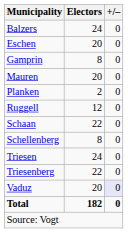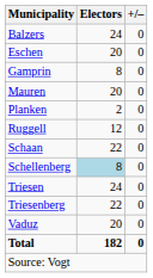 <table class="wikitable">
 <tr>
 <th>Municipality</th>
 <th>Electors</th>
 <th>+/–</th>
 </tr>
 <tr>
 <td><a href='#'>Balzers</a></td>
 <td style="text-align: right;">24</td>
 <td align="right">0</td>
 </tr>
 <tr>
 <td><a href='#'>Eschen</a></td>
 <td style="text-align: right;">20</td>
 <td align="right">0</td>
 </tr>
 <tr>
 <td><a href='#'>Gamprin</a></td>
 <td style="text-align: right;">8</td>
 <td align="right">0</td>
 </tr>
 <tr>
 <td><a href='#'>Mauren</a></td>
 <td style="text-align: right;">20</td>
 <td align="right">0</td>
 </tr>
 <tr>
 <td><a href='#'>Planken</a></td>
 <td style="text-align: right;">2</td>
 <td align="right">0</td>
 </tr>
 <tr>
 <td><a href='#'>Ruggell</a></td>
 <td style="text-align: right;">12</td>
 <td align="right">0</td>
 </tr>
 <tr>
 <td><a href='#'>Schaan</a></td>
 <td style="text-align: right;">22</td>
 <td align="right">0</td>
 </tr>
 <tr>
 <td><a href='#'>Schellenberg</a></td>
-<td style="text-align: right;">8</td>
+<td style="background: lightblue; text-align: right;">8</td>
 <td align="right">0</td>
 </tr>
 <tr>
 <td><a href='#'>Triesen</a></td>
 <td style="text-align: right;">24</td>
 <td align="right">0</td>
 </tr>
 <tr>
 <td><a href='#'>Triesenberg</a></td>
 <td style="text-align: right;">22</td>
 <td align="right">0</td>
 </tr>
 <tr>
 <td><a href='#'>Vaduz</a></td>
 <td style="text-align: right;">20</td>
-<td align="right" style="background: lavender;">0</td>
+<td align="right">0</td>
 </tr>
 <tr>
 <td><strong>Total</strong></td>
 <td align="right"><strong>182</strong></td>
 <td align="right"><strong>0</strong></td>
 </tr>
 <tr>
 <td colspan="3">Source: Vogt</td>
 </tr>
 </table>
